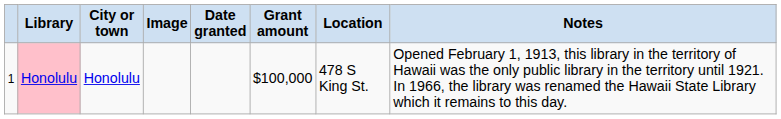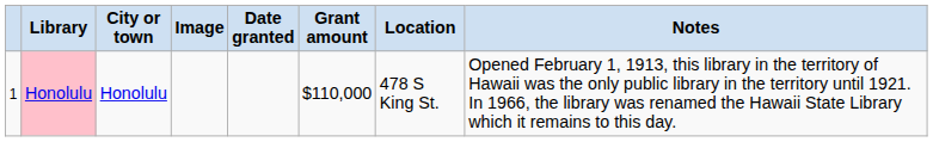 <table class="wikitable sortable" align="center">
 <tr>
 <th style="background-color:#CEE0F2;"></th>
 <th style="background-color:#CEE0F2;">Library</th>
 <th style="background-color:#CEE0F2;">City or<br>town</th>
 <th style="background-color:#CEE0F2;" class="unsortable">Image</th>
 <th style="background-color:#CEE0F2;">Date<br>granted</th>
 <th style="background-color:#CEE0F2;">Grant<br>amount</th>
 <th style="background-color:#CEE0F2;">Location</th>
 <th style="background-color:#CEE0F2;" class="unsortable">Notes</th>
 </tr>
 <tr ->
 <td align=center><small>1</small></td>
 <td style="background: pink;"><a href='#'>Honolulu</a></td>
 <td><a href='#'>Honolulu</a></td>
 <td></td>
 <td></td>
-<td>$100,000</td>
+<td>$110,000</td>
 <td>478 S King St.<br><small></small></td>
 <td>Opened February 1, 1913, this library in the territory of Hawaii was the only public library in the territory until 1921. In 1966, the library was renamed the Hawaii State Library which it remains to this day.</td>
 </tr>
 </table>
